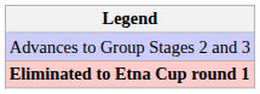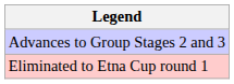 <table class="wikitable">
 <tr>
 <th>Legend</th>
 </tr>
 <tr bgcolor=ccccff>
 <td>Advances to Group Stages 2 and 3</td>
 </tr>
 <tr bgcolor=ffcccc>
-<td><strong>Eliminated to Etna Cup round 1</strong></td>
+<td>Eliminated to Etna Cup round 1</td>
 </tr>
 </table>
